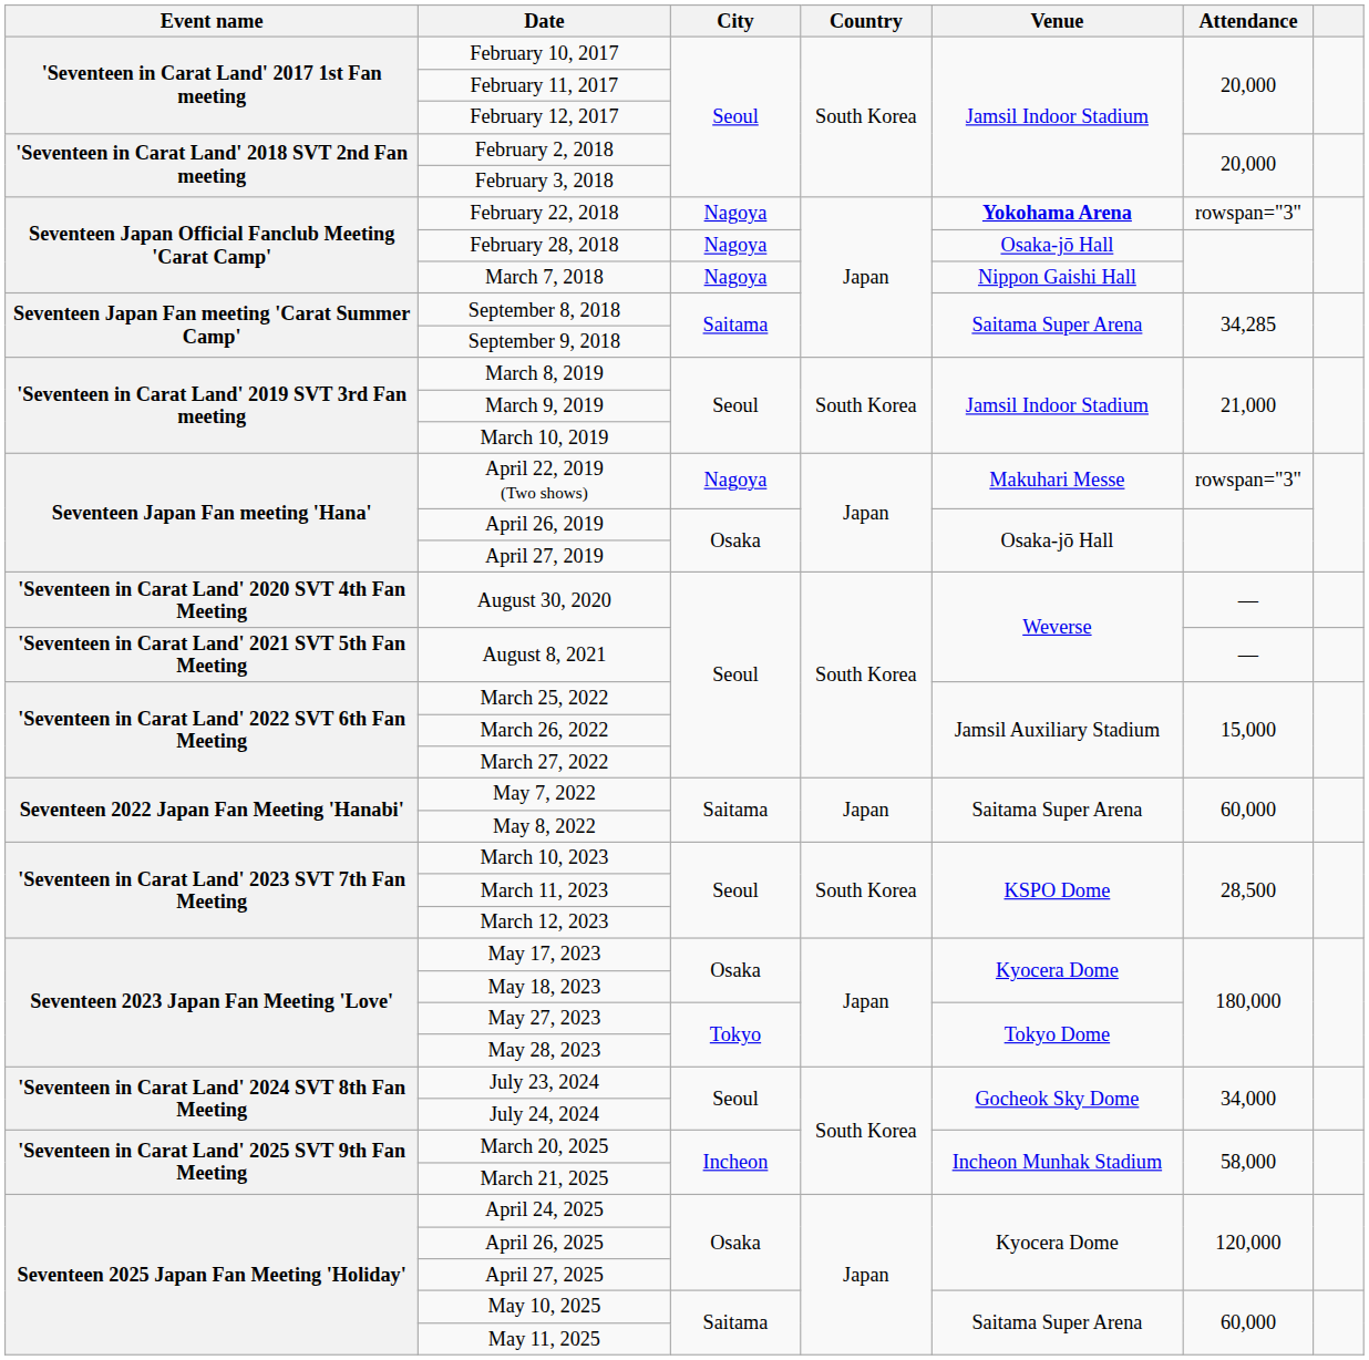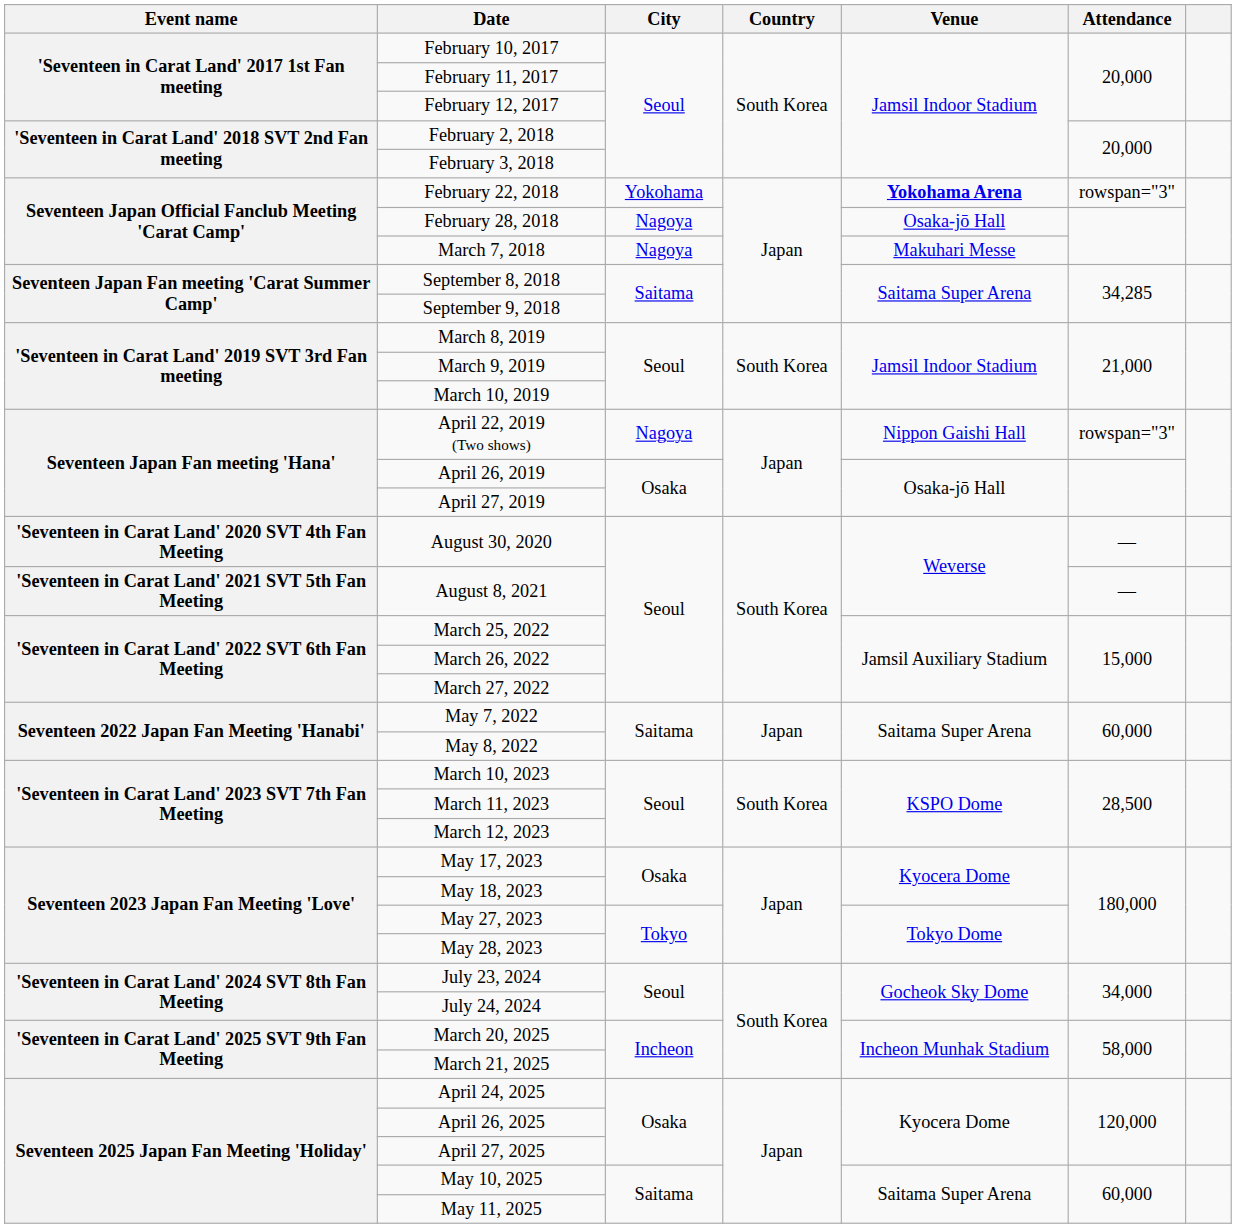 <table class="wikitable plainrowheaders" style="text-align:center;">
 <tr>
 <th scope="col" style="width:20em;">Event name</th>
 <th scope="col" style="width:12em;">Date</th>
 <th scope="col" style="width:6em;">City</th>
 <th scope="col" style="width:6em;">Country</th>
 <th scope="col" style="width:12em;">Venue</th>
 <th scope="col" style="width:6em;">Attendance</th>
 <th scope="col" style="width:2em;"></th>
 </tr>
 <tr>
 <th rowspan="3" scope="rowgroup">'Seventeen in Carat Land' 2017 1st Fan meeting</th>
 <td>February 10, 2017</td>
 <td rowspan="5"><a href='#'>Seoul</a></td>
 <td rowspan="5">South Korea</td>
 <td rowspan="5"><a href='#'>Jamsil Indoor Stadium</a></td>
 <td rowspan="3">20,000</td>
 <td rowspan="3"></td>
 </tr>
 <tr>
 <td>February 11, 2017</td>
 </tr>
 <tr>
 <td>February 12, 2017</td>
 </tr>
 <tr>
 <th scope="rowgroup" rowspan="2">'Seventeen in Carat Land' 2018 SVT 2nd Fan meeting</th>
 <td>February 2, 2018</td>
 <td rowspan="2">20,000</td>
 <td rowspan="2"></td>
 </tr>
 <tr>
 <td>February 3, 2018</td>
 </tr>
 <tr>
 <th scope="rowgroup" rowspan="3">Seventeen Japan Official Fanclub Meeting 'Carat Camp'</th>
 <td>February 22, 2018</td>
-<td><a href='#'>Nagoya</a></td>
+<td><a href='#'>Yokohama</a></td>
 <td rowspan="5">Japan</td>
 <td><strong><a href='#'>Yokohama Arena</a></strong></td>
 <td>rowspan="3" </td>
 <td rowspan="3"></td>
 </tr>
 <tr>
 <td>February 28, 2018</td>
 <td><a href='#'>Nagoya</a></td>
 <td><a href='#'>Osaka-jō Hall</a></td>
 </tr>
 <tr>
 <td>March 7, 2018</td>
 <td><a href='#'>Nagoya</a></td>
-<td><a href='#'>Nippon Gaishi Hall</a></td>
+<td><a href='#'>Makuhari Messe</a></td>
 </tr>
 <tr>
 <th scope="rowgroup" rowspan="2">Seventeen Japan Fan meeting 'Carat Summer Camp'</th>
 <td>September 8, 2018</td>
 <td rowspan="2"><a href='#'>Saitama</a></td>
 <td rowspan="2"><a href='#'>Saitama Super Arena</a></td>
 <td rowspan="2">34,285</td>
 <td rowspan="2"></td>
 </tr>
 <tr>
 <td>September 9, 2018</td>
 </tr>
 <tr>
 <th rowspan="3" scope="rowgroup">'Seventeen in Carat Land' 2019 SVT 3rd Fan meeting</th>
 <td>March 8, 2019</td>
 <td rowspan="3">Seoul</td>
 <td rowspan="3">South Korea</td>
 <td rowspan="3"><a href='#'>Jamsil Indoor Stadium</a></td>
 <td rowspan="3">21,000</td>
 <td rowspan="3"></td>
 </tr>
 <tr>
 <td>March 9, 2019</td>
 </tr>
 <tr>
 <td>March 10, 2019</td>
 </tr>
 <tr>
 <th scope="rowgroup" rowspan="3">Seventeen Japan Fan meeting 'Hana'</th>
 <td>April 22, 2019 <br><small>(Two shows)</small></td>
 <td><a href='#'>Nagoya</a></td>
 <td rowspan="3">Japan</td>
-<td><a href='#'>Makuhari Messe</a></td>
+<td><a href='#'>Nippon Gaishi Hall</a></td>
 <td>rowspan="3" </td>
 <td rowspan="3"></td>
 </tr>
 <tr>
 <td>April 26, 2019</td>
 <td rowspan="2">Osaka</td>
 <td rowspan="2">Osaka-jō Hall</td>
 </tr>
 <tr>
 <td>April 27, 2019</td>
 </tr>
 <tr>
 <th scope="row">'Seventeen in Carat Land' 2020 SVT 4th Fan Meeting</th>
 <td>August 30, 2020</td>
 <td rowspan="5">Seoul</td>
 <td rowspan="5">South Korea</td>
 <td rowspan="2"><a href='#'>Weverse</a></td>
 <td>—</td>
 <td></td>
 </tr>
 <tr>
 <th scope="row">'Seventeen in Carat Land' 2021 SVT 5th Fan Meeting</th>
 <td>August 8, 2021</td>
 <td>—</td>
 <td></td>
 </tr>
 <tr>
 <th rowspan="3" scope="rowgroup">'Seventeen in Carat Land' 2022 SVT 6th Fan Meeting</th>
 <td>March 25, 2022</td>
 <td rowspan="3">Jamsil Auxiliary Stadium</td>
 <td rowspan="3">15,000</td>
 <td rowspan="3"></td>
 </tr>
 <tr>
 <td>March 26, 2022</td>
 </tr>
 <tr>
 <td>March 27, 2022</td>
 </tr>
 <tr>
 <th scope="rowgroup" rowspan="2">Seventeen 2022 Japan Fan Meeting 'Hanabi'</th>
 <td>May 7, 2022</td>
 <td rowspan="2">Saitama</td>
 <td rowspan="2">Japan</td>
 <td rowspan="2">Saitama Super Arena</td>
 <td rowspan="2">60,000</td>
 <td rowspan="2"></td>
 </tr>
 <tr>
 <td>May 8, 2022</td>
 </tr>
 <tr>
 <th rowspan="3" scope="rowgroup">'Seventeen in Carat Land' 2023 SVT 7th Fan Meeting</th>
 <td>March 10, 2023</td>
 <td rowspan="3">Seoul</td>
 <td rowspan="3">South Korea</td>
 <td rowspan="3"><a href='#'>KSPO Dome</a></td>
 <td rowspan="3">28,500</td>
 <td rowspan="3"></td>
 </tr>
 <tr>
 <td>March 11, 2023</td>
 </tr>
 <tr>
 <td>March 12, 2023</td>
 </tr>
 <tr>
 <th scope="rowgroup" rowspan="4">Seventeen 2023 Japan Fan Meeting 'Love'</th>
 <td>May 17, 2023</td>
 <td rowspan="2">Osaka</td>
 <td rowspan="4">Japan</td>
 <td rowspan="2"><a href='#'>Kyocera Dome</a></td>
 <td rowspan="4">180,000</td>
 <td rowspan="4"></td>
 </tr>
 <tr>
 <td>May 18, 2023</td>
 </tr>
 <tr>
 <td>May 27, 2023</td>
 <td rowspan="2"><a href='#'>Tokyo</a></td>
 <td rowspan="2"><a href='#'>Tokyo Dome</a></td>
 </tr>
 <tr>
 <td>May 28, 2023</td>
 </tr>
 <tr>
 <th rowspan="2" scope="rowgroup">'Seventeen in Carat Land' 2024 SVT 8th Fan Meeting</th>
 <td>July 23, 2024</td>
 <td rowspan="2">Seoul</td>
 <td rowspan="4">South Korea</td>
 <td rowspan="2"><a href='#'>Gocheok Sky Dome</a></td>
 <td rowspan="2">34,000</td>
 <td rowspan="2"></td>
 </tr>
 <tr>
 <td>July 24, 2024</td>
 </tr>
 <tr>
 <th rowspan="2" scope="rowgroup">'Seventeen in Carat Land' 2025 SVT 9th Fan Meeting</th>
 <td>March 20, 2025</td>
 <td rowspan="2"><a href='#'>Incheon</a></td>
 <td rowspan="2"><a href='#'>Incheon Munhak Stadium</a></td>
 <td rowspan="2">58,000</td>
 <td rowspan="2"></td>
 </tr>
 <tr>
 <td>March 21, 2025</td>
 </tr>
 <tr>
 <th scope="rowgroup" rowspan="5">Seventeen 2025 Japan Fan Meeting 'Holiday'</th>
 <td>April 24, 2025</td>
 <td rowspan="3">Osaka</td>
 <td rowspan="5">Japan</td>
 <td rowspan="3">Kyocera Dome</td>
 <td rowspan="3">120,000</td>
 <td rowspan="3"></td>
 </tr>
 <tr>
 <td>April 26, 2025</td>
 </tr>
 <tr>
 <td>April 27, 2025</td>
 </tr>
 <tr>
 <td>May 10, 2025</td>
 <td rowspan="2">Saitama</td>
 <td rowspan="2">Saitama Super Arena</td>
 <td rowspan="2">60,000</td>
 <td rowspan="2"></td>
 </tr>
 <tr>
 <td>May 11, 2025</td>
 </tr>
 </table>
